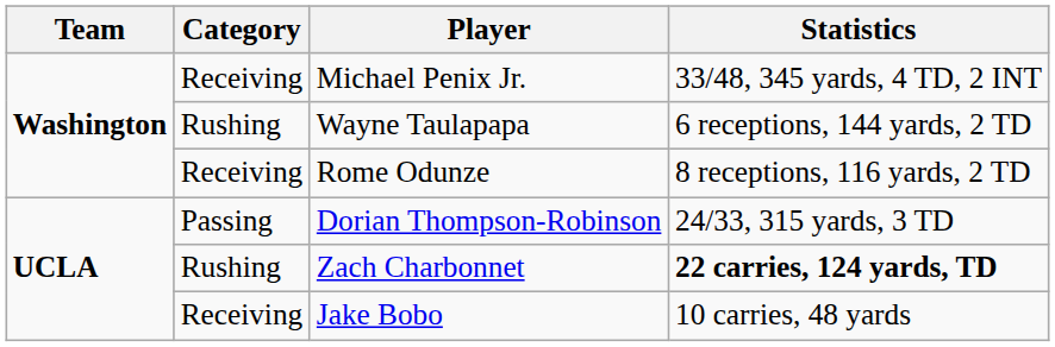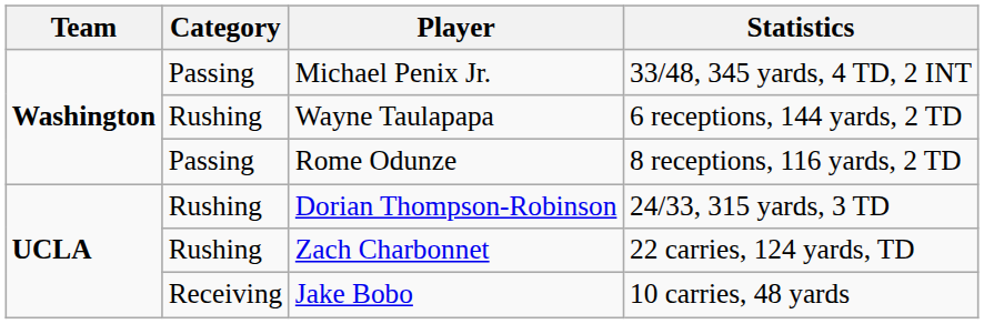 <table class="wikitable" style="float: right;">
 <tr>
 <th>Team</th>
 <th>Category</th>
 <th>Player</th>
 <th>Statistics</th>
 </tr>
 <tr>
 <td rowspan=3><strong>Washington</strong></td>
-<td>Receiving</td>
+<td>Passing</td>
 <td>Michael Penix Jr.</td>
 <td>33/48, 345 yards, 4 TD, 2 INT</td>
 </tr>
 <tr>
 <td>Rushing</td>
 <td>Wayne Taulapapa</td>
 <td>6 receptions, 144 yards, 2 TD</td>
 </tr>
 <tr>
-<td>Receiving</td>
+<td>Passing</td>
 <td>Rome Odunze</td>
 <td>8 receptions, 116 yards, 2 TD</td>
 </tr>
 <tr>
 <td rowspan=3><strong>UCLA</strong></td>
-<td>Passing</td>
+<td>Rushing</td>
 <td><a href='#'>Dorian Thompson-Robinson</a></td>
 <td>24/33, 315 yards, 3 TD</td>
 </tr>
 <tr>
 <td>Rushing</td>
 <td><a href='#'>Zach Charbonnet</a></td>
-<td><strong>22 carries, 124 yards, TD</strong></td>
+<td>22 carries, 124 yards, TD</td>
 </tr>
 <tr>
 <td>Receiving</td>
 <td><a href='#'>Jake Bobo</a></td>
 <td>10 carries, 48 yards</td>
 </tr>
 </table>
